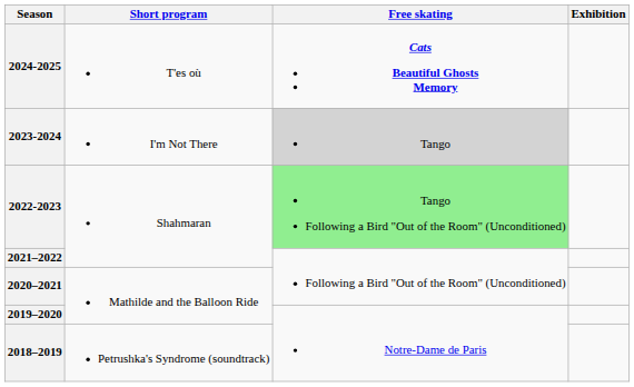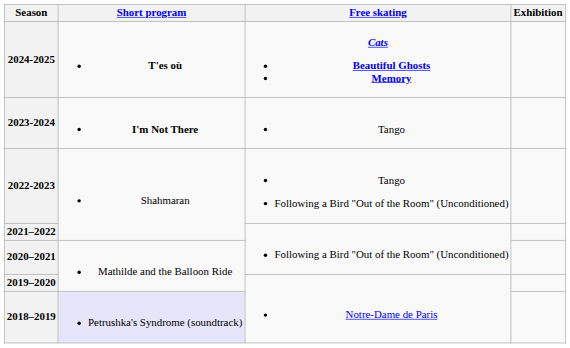 <table class="wikitable" style="text-align:center">
 <tr>
 <th>Season</th>
 <th><a href='#'>Short program</a></th>
 <th><a href='#'>Free skating</a></th>
 <th>Exhibition</th>
 </tr>
 <tr>
 <th>2024-2025</th>
-<td><br><ul><li>T'es où <br> </li></ul></td>
+<td><strong><br><ul><li>T'es où <br> </li></ul></strong></td>
 <td><strong><br><em><a href='#'>Cats</a></em><ul><li><a href='#'>Beautiful Ghosts</a> <br> </li><li><a href='#'>Memory</a> <br> </li></ul></strong></td>
 <td></td>
 </tr>
 <tr>
 <th>2023-2024</th>
-<td><br><ul><li>I'm Not There <br> </li></ul></td>
-<td style="background: lightgrey;"><br><ul><li>Tango <br> </li></ul></td>
+<td><strong><br><ul><li>I'm Not There <br> </li></ul></strong></td>
+<td><br><ul><li>Tango <br> </li></ul></td>
 <td></td>
 </tr>
 <tr>
 <th>2022-2023</th>
 <td rowspan=2><br><ul><li>Shahmaran <br> </li></ul></td>
-<td style="background: lightgreen;"><br><ul><li>Tango <br> </li></ul><ul><li>Following a Bird "Out of the Room" (Unconditioned) <br> </li></ul></td>
+<td><br><ul><li>Tango <br> </li></ul><ul><li>Following a Bird "Out of the Room" (Unconditioned) <br> </li></ul></td>
 <td></td>
 </tr>
 <tr>
 <th>2021–2022</th>
 <td rowspan=2><br><ul><li>Following a Bird "Out of the Room" (Unconditioned) <br> </li></ul></td>
 <td></td>
 </tr>
 <tr>
 <th>2020–2021</th>
 <td rowspan=2><br><ul><li>Mathilde and the Balloon Ride <br> </li></ul></td>
 <td></td>
 </tr>
 <tr>
 <th>2019–2020</th>
 <td rowspan=2><br><ul><li><a href='#'>Notre-Dame de Paris</a> <br> </li></ul></td>
 <td></td>
 </tr>
 <tr>
 <th>2018–2019</th>
-<td><br><ul><li>Petrushka's Syndrome (soundtrack)</li></ul></td>
+<td style="background: lavender;"><br><ul><li>Petrushka's Syndrome (soundtrack)</li></ul></td>
 <td></td>
 </tr>
 </table>
